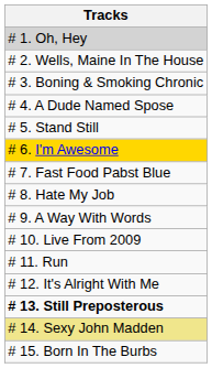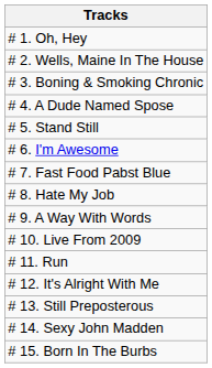 <table class="wikitable">
 <tr>
 <th>Tracks</th>
 </tr>
 <tr>
-<td style="background: lightgrey;"># 1. Oh, Hey</td>
+<td># 1. Oh, Hey</td>
 </tr>
 <tr>
 <td># 2. Wells, Maine In The House</td>
 </tr>
 <tr>
 <td># 3. Boning & Smoking Chronic</td>
 </tr>
 <tr>
 <td># 4. A Dude Named Spose</td>
 </tr>
 <tr>
 <td># 5. Stand Still</td>
 </tr>
 <tr>
-<td style="background: gold;"># 6. <a href='#'>I'm Awesome</a></td>
+<td># 6. <a href='#'>I'm Awesome</a></td>
 </tr>
 <tr>
 <td># 7. Fast Food Pabst Blue</td>
 </tr>
 <tr>
 <td># 8. Hate My Job</td>
 </tr>
 <tr>
 <td># 9. A Way With Words</td>
 </tr>
 <tr>
 <td># 10. Live From 2009</td>
 </tr>
 <tr>
 <td># 11. Run</td>
 </tr>
 <tr>
 <td># 12. It's Alright With Me</td>
 </tr>
 <tr>
-<td><strong># 13. Still Preposterous</strong></td>
+<td># 13. Still Preposterous</td>
 </tr>
 <tr>
-<td style="background: khaki;"># 14. Sexy John Madden</td>
+<td># 14. Sexy John Madden</td>
 </tr>
 <tr>
 <td># 15. Born In The Burbs</td>
 </tr>
 </table>
